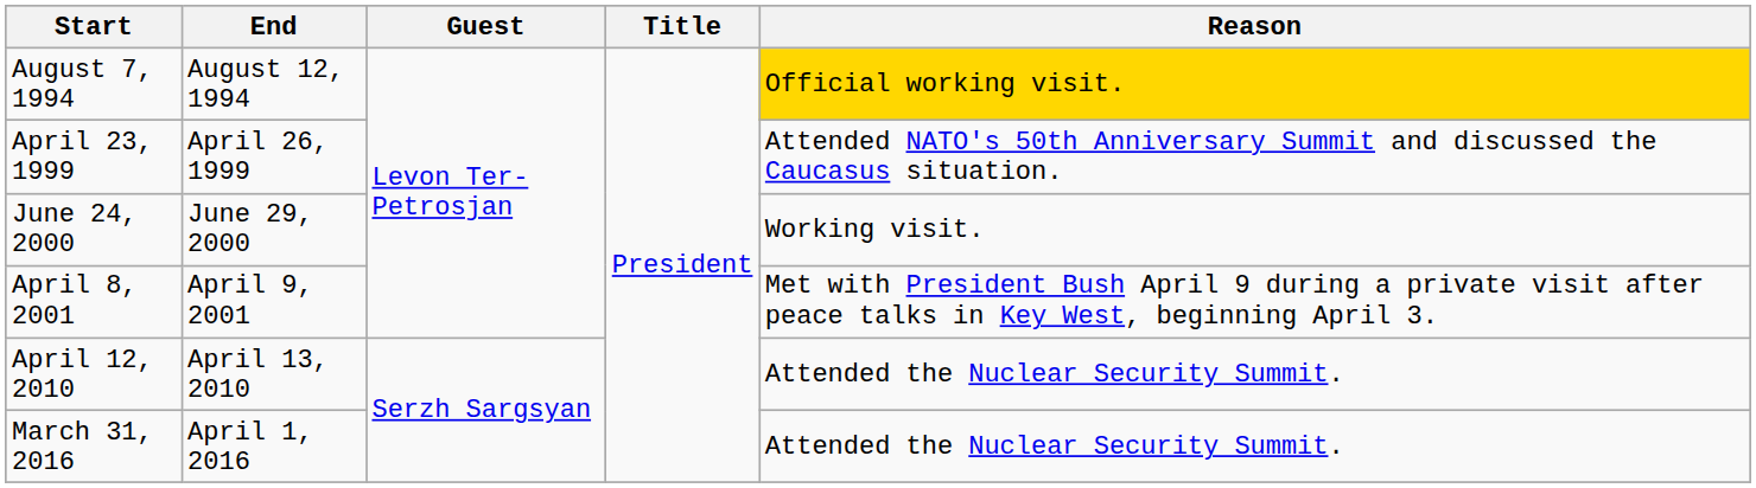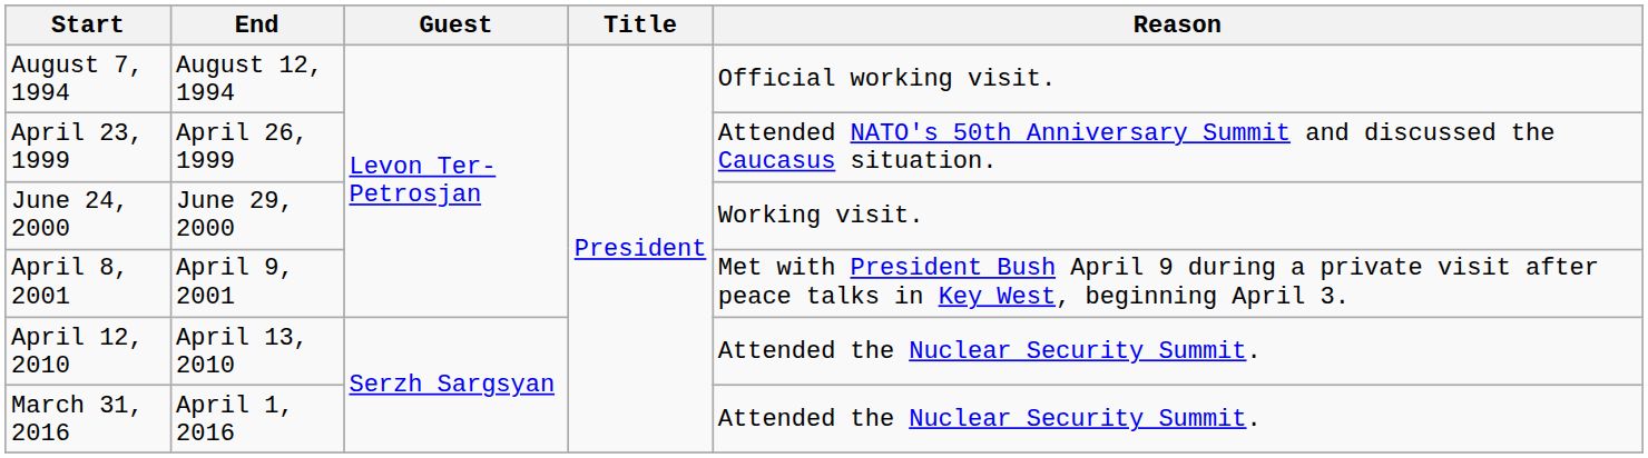 <table class="wikitable sortable">
 <tr>
 <th>Start</th>
 <th>End</th>
 <th>Guest</th>
 <th>Title</th>
 <th>Reason</th>
 </tr>
 <tr>
 <td>August 7, 1994</td>
 <td>August 12, 1994</td>
 <td rowspan=4><a href='#'>Levon Ter-Petrosjan</a></td>
 <td rowspan=6><a href='#'>President</a></td>
-<td style="background: gold;">Official working visit.</td>
+<td>Official working visit.</td>
 </tr>
 <tr>
 <td>April 23, 1999</td>
 <td>April 26, 1999</td>
 <td>Attended <a href='#'>NATO's 50th Anniversary Summit</a> and discussed the <a href='#'>Caucasus</a> situation.</td>
 </tr>
 <tr>
 <td>June 24, 2000</td>
 <td>June 29, 2000</td>
 <td>Working visit.</td>
 </tr>
 <tr>
 <td>April 8, 2001</td>
 <td>April 9, 2001</td>
 <td>Met with <a href='#'>President Bush</a> April 9 during a private visit after peace talks in <a href='#'>Key West</a>, beginning April 3.</td>
 </tr>
 <tr>
 <td>April 12, 2010</td>
 <td>April 13, 2010</td>
 <td rowspan=2><a href='#'>Serzh Sargsyan</a></td>
 <td>Attended the <a href='#'>Nuclear Security Summit</a>.</td>
 </tr>
 <tr>
 <td>March 31, 2016</td>
 <td>April 1, 2016</td>
 <td>Attended the <a href='#'>Nuclear Security Summit</a>.</td>
 </tr>
 </table>
